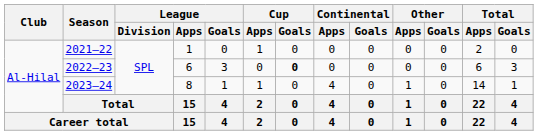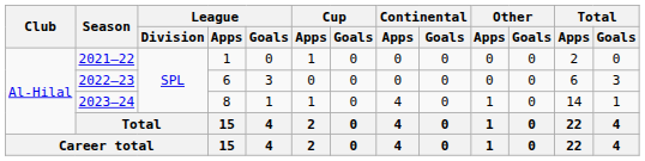 <table class="wikitable" style="text-align: center">
 <tr>
 <th rowspan="2">Club</th>
 <th rowspan="2">Season</th>
 <th colspan="3">League</th>
 <th colspan="2">Cup</th>
 <th colspan="2">Continental</th>
 <th colspan="2">Other</th>
 <th colspan="2">Total</th>
 </tr>
 <tr>
 <th>Division</th>
 <th>Apps</th>
 <th>Goals</th>
 <th>Apps</th>
 <th>Goals</th>
 <th>Apps</th>
 <th>Goals</th>
 <th>Apps</th>
 <th>Goals</th>
 <th>Apps</th>
 <th>Goals</th>
 </tr>
 <tr>
 <td rowspan=4><a href='#'>Al-Hilal</a></td>
 <td><a href='#'>2021–22</a></td>
 <td rowspan=3><a href='#'>SPL</a></td>
 <td>1</td>
 <td>0</td>
 <td>1</td>
 <td>0</td>
 <td>0</td>
 <td>0</td>
 <td>0</td>
 <td>0</td>
 <td>2</td>
 <td>0</td>
 </tr>
 <tr>
 <td><a href='#'>2022–23</a></td>
 <td>6</td>
 <td>3</td>
 <td>0</td>
-<td><strong>0</strong></td>
+<td>0</td>
 <td>0</td>
 <td>0</td>
 <td>0</td>
 <td>0</td>
 <td>6</td>
 <td>3</td>
 </tr>
 <tr>
 <td><a href='#'>2023–24</a></td>
 <td>8</td>
 <td>1</td>
 <td>1</td>
 <td>0</td>
 <td>4</td>
 <td>0</td>
 <td>1</td>
 <td>0</td>
 <td>14</td>
 <td>1</td>
 </tr>
 <tr>
 <th colspan=2>Total</th>
 <th>15</th>
 <th>4</th>
 <th>2</th>
 <th>0</th>
 <th>4</th>
 <th>0</th>
 <th>1</th>
 <th>0</th>
 <th>22</th>
 <th>4</th>
 </tr>
 <tr>
 <th colspan=3>Career total</th>
 <th>15</th>
 <th>4</th>
 <th>2</th>
 <th>0</th>
 <th>4</th>
 <th>0</th>
 <th>1</th>
 <th>0</th>
 <th>22</th>
 <th>4</th>
 </tr>
 </table>
